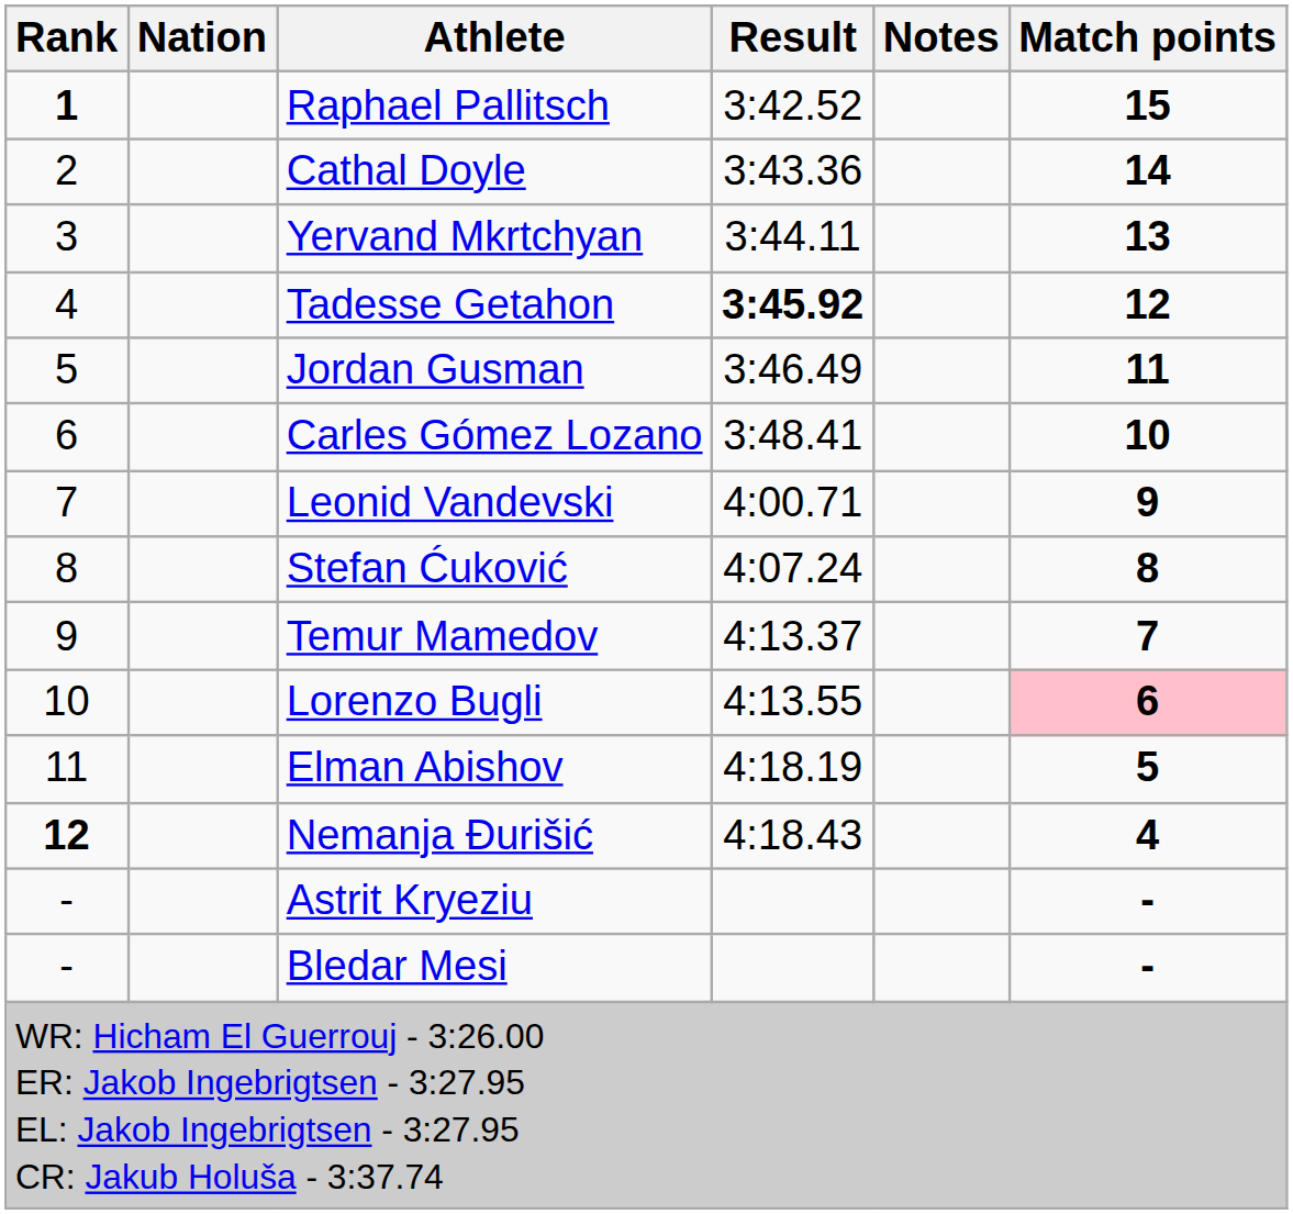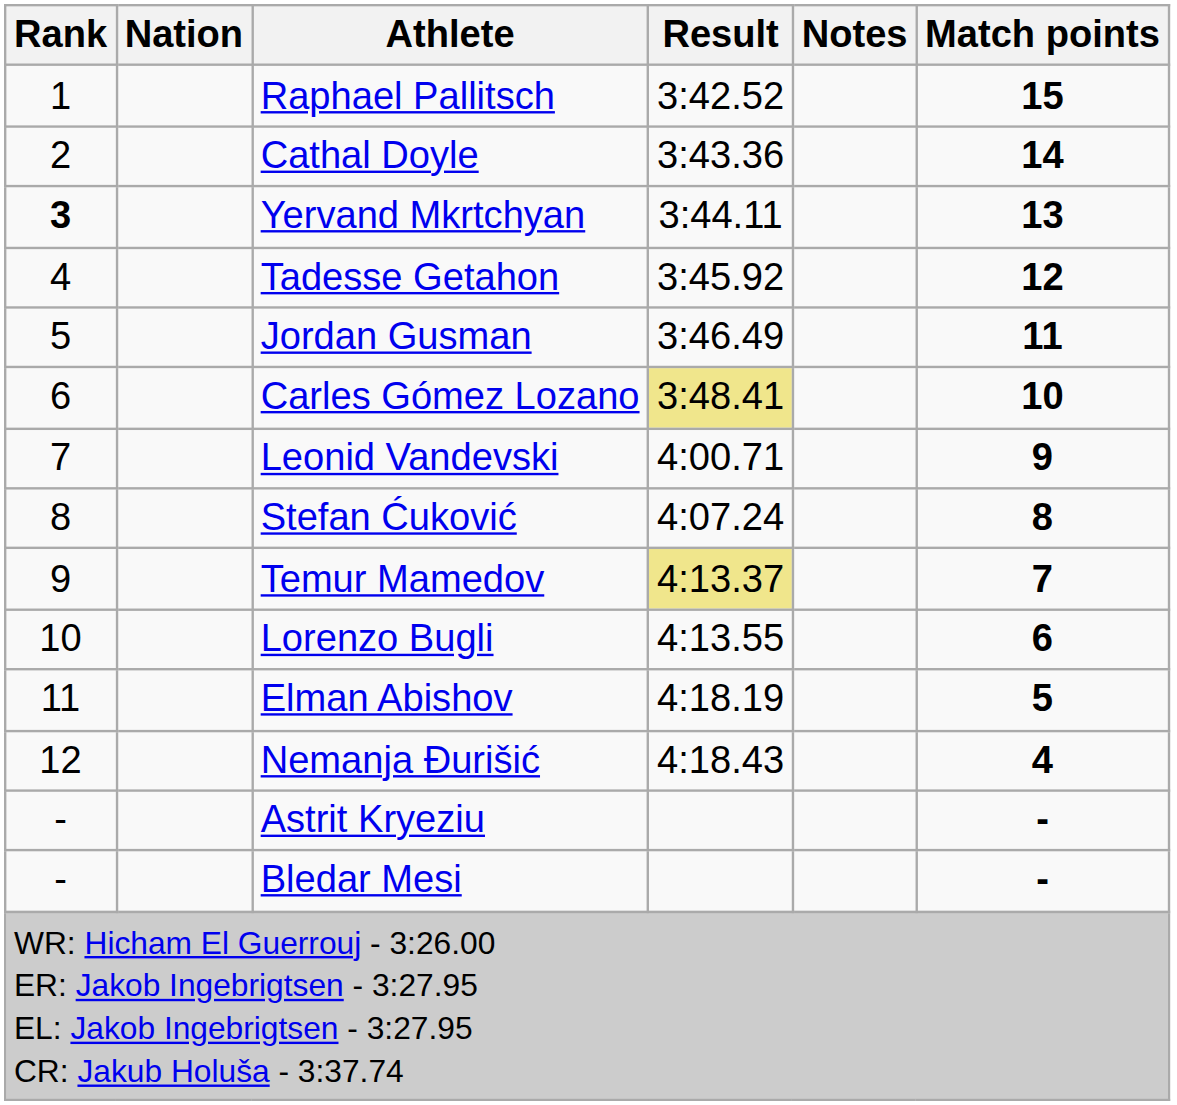 <table class="wikitable sortable" style="text-align:left;">
 <tr>
 <th>Rank</th>
 <th>Nation</th>
 <th>Athlete</th>
 <th>Result</th>
 <th>Notes</th>
 <th>Match points</th>
 </tr>
 <tr>
-<td align=center><strong>1</strong></td>
+<td align=center>1</td>
 <td></td>
 <td><a href='#'>Raphael Pallitsch</a></td>
 <td align=center>3:42.52</td>
 <td></td>
 <td align=center><strong>15</strong></td>
 </tr>
 <tr>
 <td align=center>2</td>
 <td></td>
 <td><a href='#'>Cathal Doyle</a></td>
 <td align=center>3:43.36</td>
 <td></td>
 <td align=center><strong>14</strong></td>
 </tr>
 <tr>
-<td align=center>3</td>
+<td align=center><strong>3</strong></td>
 <td></td>
 <td><a href='#'>Yervand Mkrtchyan</a></td>
 <td align=center>3:44.11</td>
 <td></td>
 <td align=center><strong>13</strong></td>
 </tr>
 <tr>
 <td align=center>4</td>
 <td></td>
 <td><a href='#'>Tadesse Getahon</a></td>
-<td align=center><strong>3:45.92</strong></td>
+<td align=center>3:45.92</td>
 <td align=center></td>
 <td align=center><strong>12</strong></td>
 </tr>
 <tr>
 <td align=center>5</td>
 <td></td>
 <td><a href='#'>Jordan Gusman</a></td>
 <td align=center>3:46.49</td>
 <td align=center></td>
 <td align=center><strong>11</strong></td>
 </tr>
 <tr>
 <td align=center>6</td>
 <td></td>
 <td><a href='#'>Carles Gómez Lozano</a></td>
-<td align=center>3:48.41</td>
+<td align=center style="background: khaki;">3:48.41</td>
 <td align=center></td>
 <td align=center><strong>10</strong></td>
 </tr>
 <tr>
 <td align=center>7</td>
 <td></td>
 <td><a href='#'>Leonid Vandevski</a></td>
 <td align=center>4:00.71</td>
 <td></td>
 <td align=center><strong>9</strong></td>
 </tr>
 <tr>
 <td align=center>8</td>
 <td></td>
 <td><a href='#'>Stefan Ćuković</a></td>
 <td align=center>4:07.24</td>
 <td align=center></td>
 <td align=center><strong>8</strong></td>
 </tr>
 <tr>
 <td align=center>9</td>
 <td></td>
 <td><a href='#'>Temur Mamedov</a></td>
-<td align=center>4:13.37</td>
+<td align=center style="background: khaki;">4:13.37</td>
 <td align=center></td>
 <td align=center><strong>7</strong></td>
 </tr>
 <tr>
 <td align=center>10</td>
 <td></td>
 <td><a href='#'>Lorenzo Bugli</a></td>
 <td align=center>4:13.55</td>
 <td align=center></td>
-<td align=center style="background: pink;"><strong>6</strong></td>
+<td align=center><strong>6</strong></td>
 </tr>
 <tr>
 <td align=center>11</td>
 <td></td>
 <td><a href='#'>Elman Abishov</a></td>
 <td align=center>4:18.19</td>
 <td align=center></td>
 <td align=center><strong>5</strong></td>
 </tr>
 <tr>
-<td align=center><strong>12</strong></td>
+<td align=center>12</td>
 <td></td>
 <td><a href='#'>Nemanja Đurišić</a></td>
 <td align=center>4:18.43</td>
 <td align=center></td>
 <td align=center><strong>4</strong></td>
 </tr>
 <tr>
 <td align=center>-</td>
 <td></td>
 <td><a href='#'>Astrit Kryeziu</a></td>
 <td align=center></td>
 <td></td>
 <td align=center><strong>-</strong></td>
 </tr>
 <tr>
 <td align=center>-</td>
 <td></td>
 <td><a href='#'>Bledar Mesi</a></td>
 <td align=center></td>
 <td></td>
 <td align=center><strong>-</strong></td>
 </tr>
 <tr>
 <td colspan="6" bgcolor="#cccccc"><small>WR:  <a href='#'>Hicham El Guerrouj</a> - 3:26.00<br>ER:  <a href='#'>Jakob Ingebrigtsen</a> - 3:27.95<br></small><small>EL:  <a href='#'>Jakob Ingebrigtsen</a> - 3:27.95<br>CR:  <a href='#'>Jakub Holuša</a> - 3:37.74</small></td>
 </tr>
 </table>
